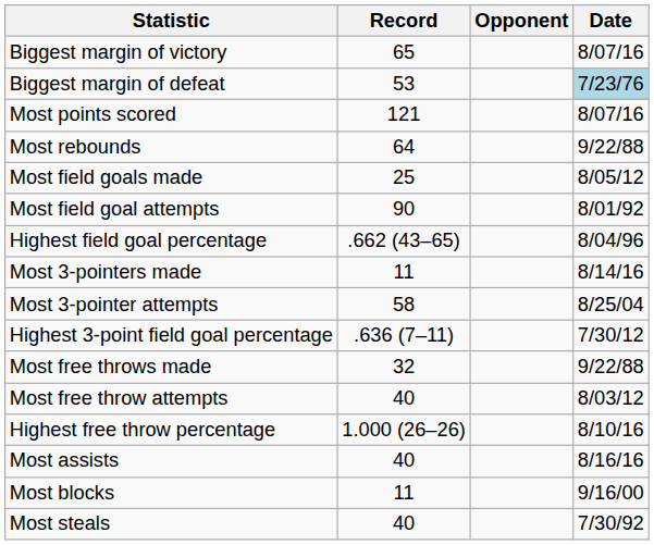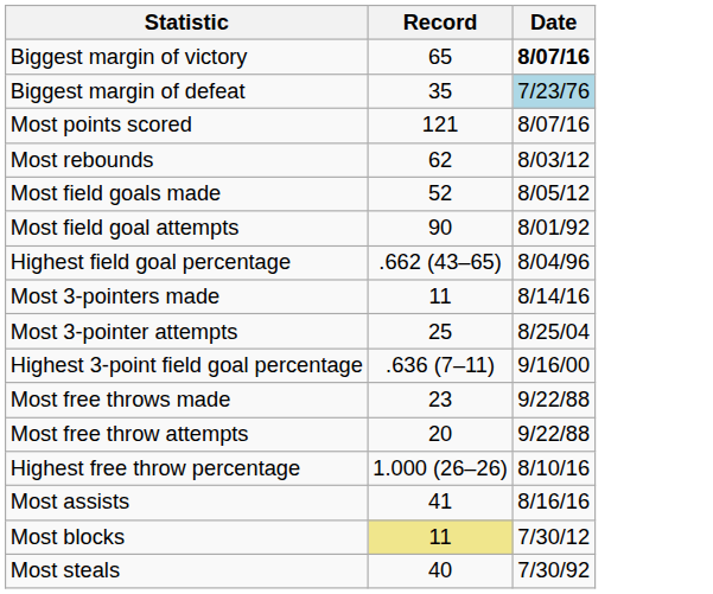 <table class="wikitable sortable" style="text-align:center;">
 <tr>
 <th>Statistic</th>
 <th>Record</th>
-<th>Opponent</th>
 <th>Date</th>
 </tr>
 <tr>
 <td style="text-align: left;">Biggest margin of victory</td>
 <td>65</td>
-<td style="text-align: left;"></td>
-<td>8/07/16</td>
+<td><strong>8/07/16</strong></td>
 </tr>
 <tr>
 <td style="text-align: left;">Biggest margin of defeat</td>
-<td>53</td>
-<td style="text-align: left;"></td>
+<td>35</td>
 <td style="background: lightblue;">7/23/76</td>
 </tr>
 <tr>
 <td style="text-align: left;">Most points scored</td>
 <td>121</td>
-<td style="text-align: left;"></td>
 <td>8/07/16</td>
 </tr>
 <tr>
 <td style="text-align: left;">Most rebounds</td>
-<td>64</td>
-<td style="text-align: left;"></td>
-<td>9/22/88</td>
+<td>62</td>
+<td>8/03/12</td>
 </tr>
 <tr>
 <td style="text-align: left;">Most field goals made</td>
-<td>25</td>
-<td style="text-align: left;"></td>
+<td>52</td>
 <td>8/05/12</td>
 </tr>
 <tr>
 <td style="text-align: left;">Most field goal attempts</td>
 <td>90</td>
-<td style="text-align: left;"></td>
 <td>8/01/92</td>
 </tr>
 <tr>
 <td style="text-align: left;">Highest field goal percentage</td>
 <td>.662 (43–65)</td>
-<td style="text-align: left;"></td>
 <td>8/04/96</td>
 </tr>
 <tr>
 <td style="text-align: left;">Most 3-pointers made</td>
 <td>11</td>
-<td style="text-align: left;"></td>
 <td>8/14/16</td>
 </tr>
 <tr>
 <td style="text-align: left;">Most 3-pointer attempts</td>
-<td>58</td>
-<td style="text-align: left;"></td>
+<td>25</td>
 <td>8/25/04</td>
 </tr>
 <tr>
 <td style="text-align: left;">Highest 3-point field goal percentage</td>
 <td>.636 (7–11)</td>
-<td style="text-align: left;"></td>
-<td>7/30/12</td>
+<td>9/16/00</td>
 </tr>
 <tr>
 <td style="text-align: left;">Most free throws made</td>
-<td>32</td>
-<td style="text-align: left;"></td>
+<td>23</td>
 <td>9/22/88</td>
 </tr>
 <tr>
 <td style="text-align: left;">Most free throw attempts</td>
-<td>40</td>
-<td style="text-align: left;"></td>
-<td>8/03/12</td>
+<td>20</td>
+<td>9/22/88</td>
 </tr>
 <tr>
 <td style="text-align: left;">Highest free throw percentage</td>
 <td>1.000 (26–26)</td>
-<td style="text-align: left;"></td>
 <td>8/10/16</td>
 </tr>
 <tr>
 <td style="text-align: left;">Most assists</td>
-<td>40</td>
-<td style="text-align: left;"></td>
+<td>41</td>
 <td>8/16/16</td>
 </tr>
 <tr>
 <td style="text-align: left;">Most blocks</td>
-<td>11</td>
-<td style="text-align: left;"></td>
-<td>9/16/00</td>
+<td style="background: khaki;">11</td>
+<td>7/30/12</td>
 </tr>
 <tr>
 <td style="text-align: left;">Most steals</td>
 <td>40</td>
-<td style="text-align: left;"></td>
 <td>7/30/92</td>
 </tr>
 </table>
